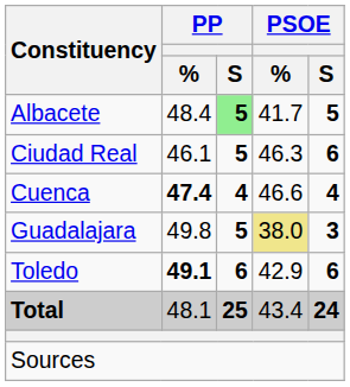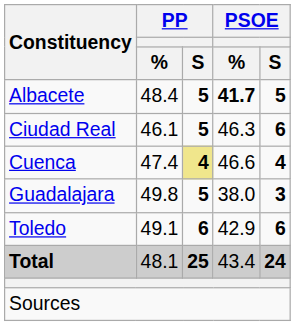 <table class="wikitable sortable" style="text-align:right; line-height:20px;">
 <tr>
 <th rowspan="3">Constituency</th>
 <th colspan="2" width="30px" class="unsortable"><a href='#'>PP</a></th>
 <th colspan="2" width="30px" class="unsortable"><a href='#'>PSOE</a></th>
 </tr>
 <tr>
 <th colspan="2" style="background:"></th>
 <th colspan="2" style="background:"></th>
 </tr>
 <tr>
 <th data-sort-type="number">%</th>
 <th data-sort-type="number">S</th>
 <th data-sort-type="number">%</th>
 <th data-sort-type="number">S</th>
 </tr>
 <tr>
 <td align="left"><a href='#'>Albacete</a></td>
 <td style="background:">48.4</td>
-<td style="background: lightgreen;"><strong>5</strong></td>
-<td>41.7</td>
+<td><strong>5</strong></td>
+<td><strong>41.7</strong></td>
 <td><strong>5</strong></td>
 </tr>
 <tr>
 <td align="left"><a href='#'>Ciudad Real</a></td>
 <td>46.1</td>
 <td><strong>5</strong></td>
 <td style="background:">46.3</td>
 <td><strong>6</strong></td>
 </tr>
 <tr>
 <td align="left"><a href='#'>Cuenca</a></td>
-<td style="background:"><strong>47.4</strong></td>
-<td><strong>4</strong></td>
+<td style="background:">47.4</td>
+<td style="background: khaki;"><strong>4</strong></td>
 <td>46.6</td>
 <td><strong>4</strong></td>
 </tr>
 <tr>
 <td align="left"><a href='#'>Guadalajara</a></td>
 <td style="background:">49.8</td>
 <td><strong>5</strong></td>
-<td style="background: khaki;">38.0</td>
+<td>38.0</td>
 <td><strong>3</strong></td>
 </tr>
 <tr>
 <td align="left"><a href='#'>Toledo</a></td>
-<td style="background:"><strong>49.1</strong></td>
+<td style="background:">49.1</td>
 <td><strong>6</strong></td>
 <td>42.9</td>
 <td><strong>6</strong></td>
 </tr>
 <tr style="background:#CDCDCD;">
 <td align="left"><strong>Total</strong></td>
 <td style="background:">48.1</td>
 <td><strong>25</strong></td>
 <td>43.4</td>
 <td><strong>24</strong></td>
 </tr>
 <tr>
 <th colspan="5"></th>
 </tr>
 <tr>
 <th style="text-align:left; font-weight:normal; background:#F9F9F9" colspan="5">Sources</th>
 </tr>
 </table>
